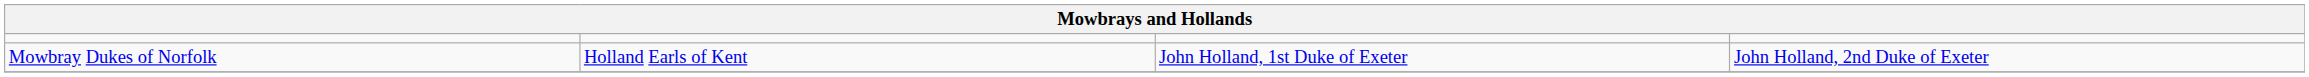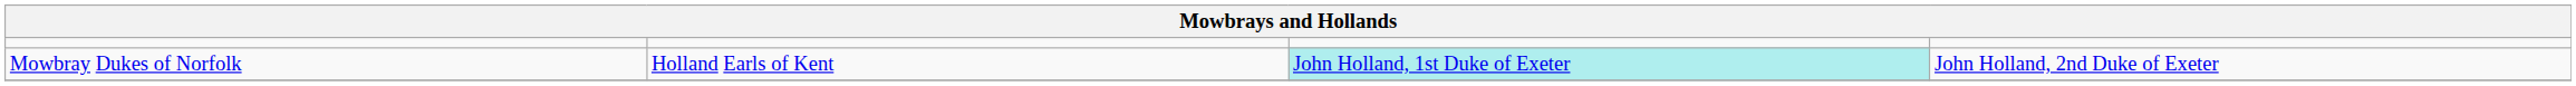 <table class="wikitable" width="100%">
 <tr>
 <th align=center colspan=4>Mowbrays and Hollands</th>
 </tr>
 <tr>
 <td align=center width="25%"></td>
 <td align=center width="25%"></td>
 <td align=center width="25%"></td>
 <td align=center width="25%"></td>
 </tr>
 <tr>
 <td><a href='#'>Mowbray</a> <a href='#'>Dukes of Norfolk</a></td>
 <td><a href='#'>Holland</a> <a href='#'>Earls of Kent</a></td>
-<td><a href='#'>John Holland, 1st Duke of Exeter</a></td>
+<td style="background: paleturquoise;"><a href='#'>John Holland, 1st Duke of Exeter</a></td>
 <td><a href='#'>John Holland, 2nd Duke of Exeter</a></td>
 </tr>
 <tr>
 </tr>
 </table>
